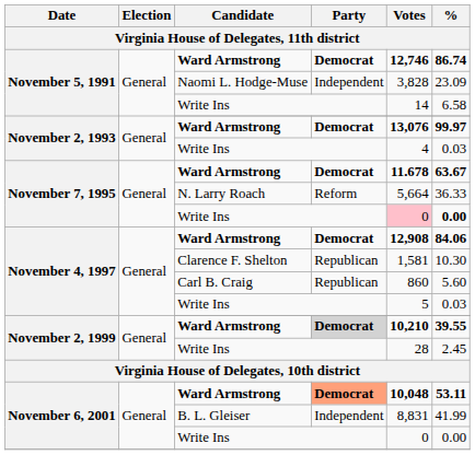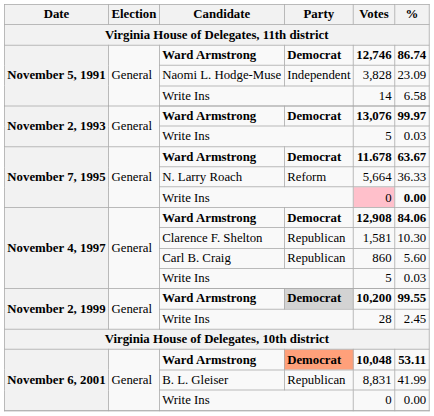 <table class="wikitable">
 <tr>
 <th>Date</th>
 <th>Election</th>
 <th>Candidate</th>
 <th>Party</th>
 <th>Votes</th>
 <th>%</th>
 </tr>
 <tr>
 <th colspan="6"><strong>Virginia House of Delegates, 11th district</strong></th>
 </tr>
 <tr>
 <th rowspan="3">November 5, 1991</th>
 <td rowspan="3">General</td>
 <td><strong>Ward Armstrong</strong></td>
 <td><strong>Democrat</strong></td>
 <td align="right"><strong>12,746</strong></td>
 <td align="right"><strong>86.74</strong></td>
 </tr>
 <tr>
 <td>Naomi L. Hodge-Muse</td>
 <td>Independent</td>
 <td align="right">3,828</td>
 <td align="right">23.09</td>
 </tr>
 <tr>
 <td colspan="2">Write Ins</td>
 <td align="right">14</td>
 <td align="right">6.58</td>
 </tr>
 <tr>
 <th rowspan="3">November 2, 1993</th>
 <td rowspan="3">General</td>
 </tr>
 <tr>
 <td><strong>Ward Armstrong</strong></td>
 <td><strong>Democrat</strong></td>
 <td align="right"><strong>13,076</strong></td>
 <td align="right"><strong>99.97</strong></td>
 </tr>
 <tr>
 <td colspan="2">Write Ins</td>
-<td align="right">4</td>
+<td align="right">5</td>
 <td align="right">0.03</td>
 </tr>
 <tr>
 <th rowspan="3">November 7, 1995</th>
 <td rowspan="3">General</td>
 <td><strong>Ward Armstrong</strong></td>
 <td><strong>Democrat</strong></td>
 <td align="right"><strong>11.678</strong></td>
 <td align="right"><strong>63.67</strong></td>
 </tr>
 <tr>
 <td>N. Larry Roach</td>
 <td>Reform</td>
 <td align="right">5,664</td>
 <td align="right">36.33</td>
 </tr>
 <tr>
 <td colspan="2">Write Ins</td>
 <td align="right" style="background: pink;">0</td>
 <td align="right"><strong>0.00</strong></td>
 </tr>
 <tr>
 <th rowspan="4">November 4, 1997</th>
 <td rowspan="4">General</td>
 <td><strong>Ward Armstrong</strong></td>
 <td><strong>Democrat</strong></td>
 <td align="right"><strong>12,908</strong></td>
 <td align="right"><strong>84.06</strong></td>
 </tr>
 <tr>
 <td>Clarence F. Shelton</td>
 <td>Republican</td>
 <td align="right">1,581</td>
 <td align="right">10.30</td>
 </tr>
 <tr>
 <td>Carl B. Craig</td>
 <td>Republican</td>
 <td align="right">860</td>
 <td align="right">5.60</td>
 </tr>
 <tr>
 <td colspan="2">Write Ins</td>
 <td align="right">5</td>
 <td align="right">0.03</td>
 </tr>
 <tr>
 <th rowspan="3">November 2, 1999</th>
 <td rowspan="3">General</td>
 </tr>
 <tr>
 <td><strong>Ward Armstrong</strong></td>
 <td style="background: lightgrey;"><strong>Democrat</strong></td>
-<td align="right"><strong>10,210</strong></td>
-<td align="right"><strong>39.55</strong></td>
+<td align="right"><strong>10,200</strong></td>
+<td align="right"><strong>99.55</strong></td>
 </tr>
 <tr>
 <td colspan="2">Write Ins</td>
 <td align="right">28</td>
 <td align="right">2.45</td>
 </tr>
 <tr>
 <th colspan="6"><strong>Virginia House of Delegates, 10th district</strong></th>
 </tr>
 <tr>
 <th rowspan="3">November 6, 2001</th>
 <td rowspan="3">General</td>
 <td><strong>Ward Armstrong</strong></td>
 <td style="background: lightsalmon;"><strong>Democrat</strong></td>
 <td align="right"><strong>10,048</strong></td>
 <td align="right"><strong>53.11</strong></td>
 </tr>
 <tr>
 <td>B. L. Gleiser</td>
-<td>Independent</td>
+<td>Republican</td>
 <td align="right">8,831</td>
 <td align="right">41.99</td>
 </tr>
 <tr>
 <td colspan="2">Write Ins</td>
 <td align="right">0</td>
 <td align="right">0.00</td>
 </tr>
 <tr>
 </tr>
 </table>
